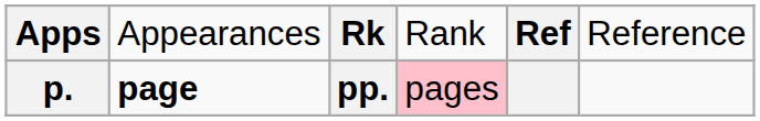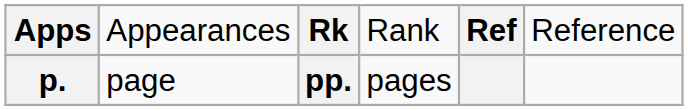 <table class="wikitable" style="text-align: left; font-size: 90%; margin-left: 1em;">
 <tr>
 <th>Apps</th>
 <td>Appearances</td>
 <th>Rk</th>
 <td>Rank</td>
 <th>Ref</th>
 <td>Reference</td>
 </tr>
 <tr>
 <th>p.</th>
-<td><strong>page</strong></td>
+<td>page</td>
 <th>pp.</th>
-<td style="background: pink;">pages</td>
+<td>pages</td>
 <th></th>
 <td></td>
 </tr>
 </table>
